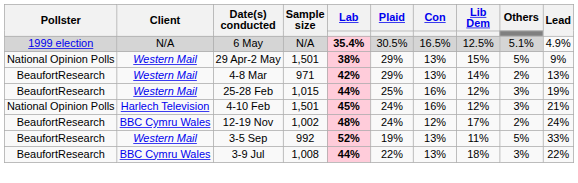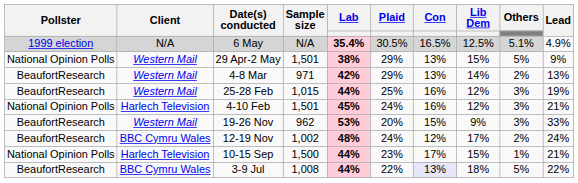 <table class="wikitable sortable mw-datatable" style="text-align:center;font-size:90%;line-height:14px;">
 <tr>
 <th rowspan="2">Pollster</th>
 <th rowspan="2">Client</th>
 <th rowspan="2" data-sort-type="number">Date(s)<br>conducted</th>
 <th rowspan="2">Sample<br>size</th>
 <th class="unsortable" style="width:50px;"><a href='#'>Lab</a></th>
 <th class="unsortable" style="width:50px;"><a href='#'>Plaid</a></th>
 <th class="unsortable" style="width:50px;"><a href='#'>Con</a></th>
 <th class="unsortable" style="width:50px;"><a href='#'>Lib Dem</a></th>
 <th class="unsortable" style="width:50px;">Others</th>
 <th rowspan="2" data-sort-type="number">Lead</th>
 </tr>
 <tr>
 <th data-sort-type="number" style="background:"></th>
 <th data-sort-type="number" style="background:"></th>
 <th data-sort-type="number" style="background:"></th>
 <th data-sort-type="number" style="background:"></th>
 <th data-sort-type="number" style="background:Grey;"></th>
 </tr>
 <tr>
 <td style="background:#D5D5D5"><a href='#'>1999 election</a></td>
 <td style="background:#D5D5D5">N/A</td>
 <td style="background:#D5D5D5">6 May</td>
 <td style="background:#D5D5D5">N/A</td>
 <td style="background:#FFCCDA"><strong>35.4%</strong></td>
 <td style="background:#D5D5D5">30.5%</td>
 <td style="background:#D5D5D5">16.5%</td>
 <td style="background:#D5D5D5">12.5%</td>
 <td style="background:#D5D5D5">5.1%</td>
 <td style="background:">4.9%</td>
 </tr>
 <tr>
 <td>National Opinion Polls</td>
 <td><em><a href='#'>Western Mail</a></em></td>
 <td>29 Apr-2 May</td>
 <td>1,501</td>
 <td style="background:#FFCCDA"><strong>38%</strong></td>
 <td>29%</td>
 <td>13%</td>
 <td>15%</td>
 <td>5%</td>
 <td style="background:">9%</td>
 </tr>
 <tr>
 <td>BeaufortResearch</td>
 <td><em><a href='#'>Western Mail</a></em></td>
 <td>4-8 Mar</td>
 <td>971</td>
 <td style="background:#FFCCDA"><strong>42%</strong></td>
 <td>29%</td>
 <td>13%</td>
 <td>14%</td>
 <td>2%</td>
 <td style="background:">13%</td>
 </tr>
 <tr>
 <td>BeaufortResearch</td>
 <td><em><a href='#'>Western Mail</a></em></td>
 <td>25-28 Feb</td>
 <td>1,015</td>
 <td style="background:#FFCCDA"><strong>44%</strong></td>
 <td>25%</td>
 <td>16%</td>
 <td>12%</td>
 <td>3%</td>
 <td style="background:">19%</td>
 </tr>
 <tr>
 <td>National Opinion Polls</td>
 <td><a href='#'>Harlech Television</a></td>
 <td>4-10 Feb</td>
 <td>1,501</td>
 <td style="background:#FFCCDA"><strong>45%</strong></td>
 <td>24%</td>
 <td>16%</td>
 <td>12%</td>
 <td>3%</td>
 <td style="background:">21%</td>
 </tr>
 <tr>
 <td>BeaufortResearch</td>
+<td><em><a href='#'>Western Mail</a></em></td>
+<td>19-26 Nov</td>
+<td>962</td>
+<td style="background:#FFCCDA"><strong>53%</strong></td>
+<td>20%</td>
+<td>15%</td>
+<td>9%</td>
+<td>3%</td>
+<td style="background:">33%</td>
+</tr>
+<tr>
+<td>BeaufortResearch</td>
 <td><a href='#'>BBC Cymru Wales</a></td>
 <td>12-19 Nov</td>
 <td>1,002</td>
 <td style="background:#FFCCDA"><strong>48%</strong></td>
 <td>24%</td>
 <td>12%</td>
 <td>17%</td>
 <td>2%</td>
 <td style="background:">24%</td>
 </tr>
 <tr>
-<td>BeaufortResearch</td>
-<td><em><a href='#'>Western Mail</a></em></td>
-<td>3-5 Sep</td>
-<td>992</td>
-<td style="background:#FFCCDA"><strong>52%</strong></td>
-<td>19%</td>
-<td>13%</td>
-<td>11%</td>
-<td>5%</td>
-<td style="background:">33%</td>
+<td>National Opinion Polls</td>
+<td><a href='#'>Harlech Television</a></td>
+<td>10-15 Sep</td>
+<td>1,500</td>
+<td style="background:#FFCCDA"><strong>44%</strong></td>
+<td>23%</td>
+<td>17%</td>
+<td>15%</td>
+<td>1%</td>
+<td style="background:">21%</td>
 </tr>
 <tr>
 <td>BeaufortResearch</td>
 <td><a href='#'>BBC Cymru Wales</a></td>
 <td>3-9 Jul</td>
 <td>1,008</td>
 <td style="background:#FFCCDA"><strong>44%</strong></td>
 <td>22%</td>
-<td>13%</td>
+<td style="background: lavender;">13%</td>
 <td>18%</td>
-<td>3%</td>
+<td>5%</td>
 <td style="background:">22%</td>
 </tr>
 </table>
